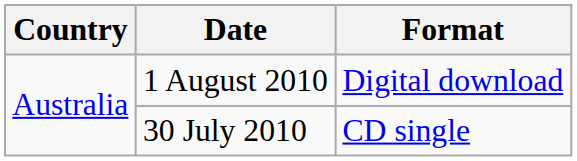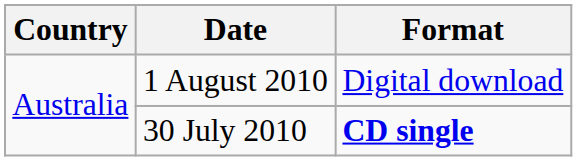 <table class="wikitable">
 <tr ->
 <th>Country</th>
 <th>Date</th>
 <th>Format</th>
 </tr>
 <tr>
 <td rowspan="2"><a href='#'>Australia</a></td>
 <td>1 August 2010</td>
 <td><a href='#'>Digital download</a></td>
 </tr>
 <tr>
 <td>30 July 2010</td>
-<td><a href='#'>CD single</a></td>
+<td><strong><a href='#'>CD single</a></strong></td>
 </tr>
 </table>
